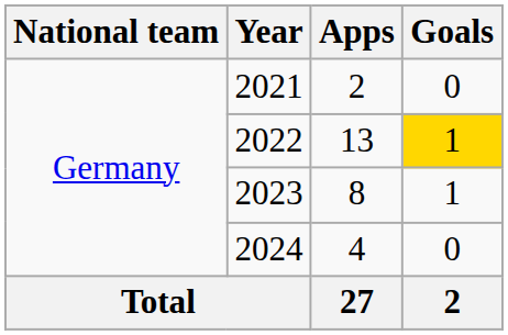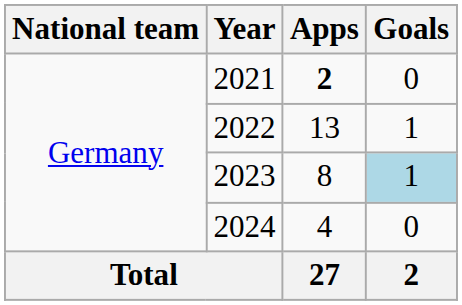 <table class="wikitable" style="text-align:center">
 <tr>
 <th>National team</th>
 <th>Year</th>
 <th>Apps</th>
 <th>Goals</th>
 </tr>
 <tr>
 <td rowspan="4"><a href='#'>Germany</a></td>
 <td>2021</td>
-<td>2</td>
+<td><strong>2</strong></td>
 <td>0</td>
 </tr>
 <tr>
 <td>2022</td>
 <td>13</td>
-<td style="background: gold;">1</td>
+<td>1</td>
 </tr>
 <tr>
 <td>2023</td>
 <td>8</td>
-<td>1</td>
+<td style="background: lightblue;">1</td>
 </tr>
 <tr>
 <td>2024</td>
 <td>4</td>
 <td>0</td>
 </tr>
 <tr>
 <th colspan="2">Total</th>
 <th>27</th>
 <th>2</th>
 </tr>
 </table>
